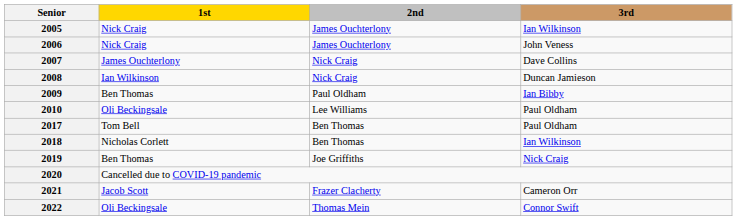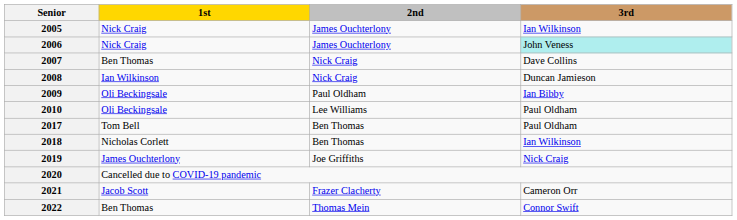 <table class="wikitable" style="width:90%;">
 <tr>
 <th>Senior</th>
 <th style="width:29%; background:gold;">1st</th>
 <th style="width:29%; background:silver;">2nd</th>
 <th style="width:29%; background:#c96;">3rd</th>
 </tr>
 <tr>
 <th>2005</th>
 <td><a href='#'>Nick Craig</a></td>
 <td><a href='#'>James Ouchterlony</a></td>
 <td><a href='#'>Ian Wilkinson</a></td>
 </tr>
 <tr>
 <th>2006</th>
 <td><a href='#'>Nick Craig</a></td>
 <td><a href='#'>James Ouchterlony</a></td>
-<td>John Veness</td>
+<td style="background: paleturquoise;">John Veness</td>
 </tr>
 <tr>
 <th>2007</th>
-<td><a href='#'>James Ouchterlony</a></td>
+<td>Ben Thomas</td>
 <td><a href='#'>Nick Craig</a></td>
 <td>Dave Collins</td>
 </tr>
 <tr>
 <th>2008</th>
 <td><a href='#'>Ian Wilkinson</a></td>
 <td><a href='#'>Nick Craig</a></td>
 <td>Duncan Jamieson</td>
 </tr>
 <tr>
 <th>2009</th>
-<td>Ben Thomas</td>
+<td><a href='#'>Oli Beckingsale</a></td>
 <td>Paul Oldham</td>
 <td><a href='#'>Ian Bibby</a></td>
 </tr>
 <tr>
 <th>2010</th>
 <td><a href='#'>Oli Beckingsale</a></td>
 <td>Lee Williams</td>
 <td>Paul Oldham</td>
 </tr>
 <tr>
 <th>2017</th>
 <td>Tom Bell</td>
 <td>Ben Thomas</td>
 <td>Paul Oldham</td>
 </tr>
 <tr>
 <th>2018</th>
 <td>Nicholas Corlett</td>
 <td>Ben Thomas</td>
 <td><a href='#'>Ian Wilkinson</a></td>
 </tr>
 <tr>
 <th>2019</th>
-<td>Ben Thomas</td>
+<td><a href='#'>James Ouchterlony</a></td>
 <td>Joe Griffiths</td>
 <td><a href='#'>Nick Craig</a></td>
 </tr>
 <tr>
 <th>2020</th>
 <td colspan=3>Cancelled due to <a href='#'>COVID-19 pandemic</a></td>
 </tr>
 <tr>
 <th>2021</th>
 <td><a href='#'>Jacob Scott</a></td>
 <td><a href='#'>Frazer Clacherty</a></td>
 <td>Cameron Orr</td>
 </tr>
 <tr>
 <th>2022</th>
-<td><a href='#'>Oli Beckingsale</a></td>
+<td>Ben Thomas</td>
 <td><a href='#'>Thomas Mein</a></td>
 <td><a href='#'>Connor Swift</a></td>
 </tr>
 </table>
